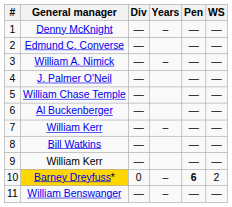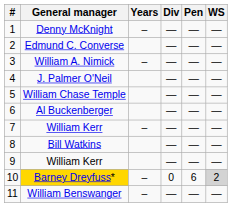 <table class="wikitable" style="text-align:center">
 <tr>
 <th class="unsortable">#</th>
 <th>General manager</th>
+<th>Years</th>
 <th>Div</th>
-<th>Years</th>
 <th>Pen</th>
 <th>WS</th>
 </tr>
 <tr>
 <td>1</td>
 <td><a href='#'>Denny McKnight</a></td>
+<td>–</td>
 <td>—</td>
-<td>–</td>
 <td>—</td>
 <td>—</td>
 </tr>
 <tr>
 <td>2</td>
 <td><a href='#'>Edmund C. Converse</a></td>
+<td></td>
 <td>—</td>
-<td></td>
 <td>—</td>
 <td>—</td>
 </tr>
 <tr>
 <td>3</td>
 <td><a href='#'>William A. Nimick</a></td>
+<td>–</td>
 <td>—</td>
-<td>–</td>
 <td>—</td>
 <td>—</td>
 </tr>
 <tr>
 <td>4</td>
 <td><a href='#'>J. Palmer O'Neil</a></td>
+<td></td>
 <td>—</td>
-<td></td>
 <td>—</td>
 <td>—</td>
 </tr>
 <tr>
 <td>5</td>
 <td><a href='#'>William Chase Temple</a></td>
+<td></td>
 <td>—</td>
-<td></td>
 <td>—</td>
 <td>—</td>
 </tr>
 <tr>
 <td>6</td>
 <td><a href='#'>Al Buckenberger</a></td>
+<td></td>
 <td>—</td>
-<td></td>
 <td>—</td>
 <td>—</td>
 </tr>
 <tr>
 <td>7</td>
 <td><a href='#'>William Kerr</a></td>
+<td>–</td>
 <td>—</td>
-<td>–</td>
 <td>—</td>
 <td>—</td>
 </tr>
 <tr>
 <td>8</td>
 <td><a href='#'>Bill Watkins</a></td>
+<td></td>
 <td>—</td>
-<td></td>
 <td>—</td>
 <td>—</td>
 </tr>
 <tr>
 <td>9</td>
 <td>William Kerr</td>
+<td></td>
 <td>—</td>
-<td></td>
 <td>—</td>
 <td>—</td>
 </tr>
 <tr>
 <td>10</td>
 <td bgcolor="ffd700"><a href='#'>Barney Dreyfuss</a>*</td>
+<td>–</td>
 <td>0</td>
-<td>–</td>
-<td><strong>6</strong></td>
-<td>2</td>
+<td>6</td>
+<td style="background: lightgrey;">2</td>
 </tr>
 <tr>
 <td>11</td>
 <td><a href='#'>William Benswanger</a></td>
+<td>–</td>
 <td>—</td>
-<td>–</td>
 <td>—</td>
 <td>—</td>
 </tr>
 </table>
